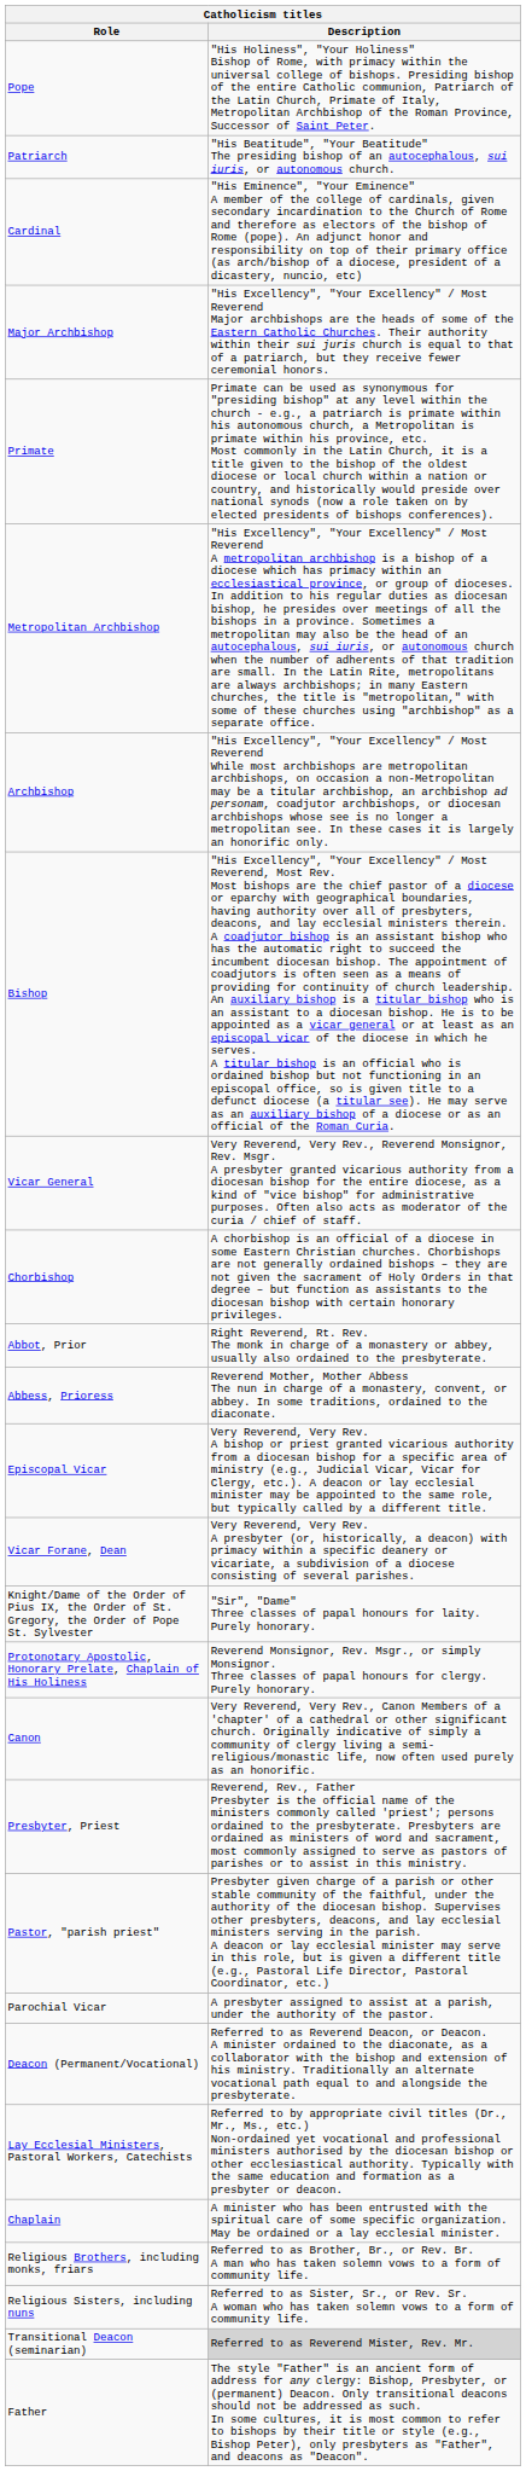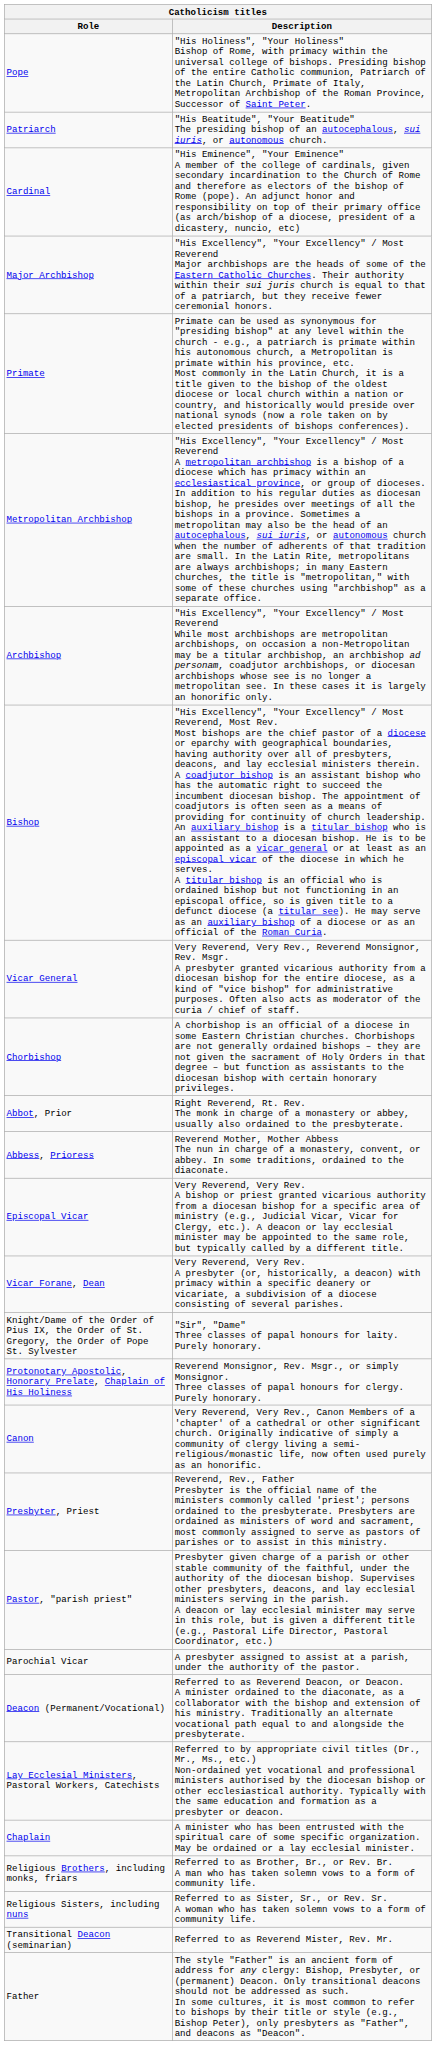 <table class="wikitable">
 <tr>
 <th style="text-align:center;" colspan="6"><strong>Catholicism titles</strong></th>
 </tr>
 <tr>
 <th scope="col" style="width:300px;">Role</th>
 <th scope="col" style="width:600px;">Description</th>
 </tr>
 <tr>
 <td><a href='#'>Pope</a></td>
 <td>"His Holiness", "Your Holiness"<br>Bishop of Rome, with primacy within the universal college of bishops. Presiding bishop of the entire Catholic communion, Patriarch of the Latin Church, Primate of Italy, Metropolitan Archbishop of the Roman Province, Successor of <a href='#'>Saint Peter</a>.</td>
 </tr>
 <tr>
 <td><a href='#'>Patriarch</a></td>
 <td>"His Beatitude", "Your Beatitude"<br>The presiding bishop of an <a href='#'>autocephalous</a>, <em><a href='#'>sui iuris</a></em>, or <a href='#'>autonomous</a> church.</td>
 </tr>
 <tr>
 <td><a href='#'>Cardinal</a></td>
 <td>"His Eminence", "Your Eminence"<br>A member of the college of cardinals, given secondary incardination to the Church of Rome and therefore as electors of the bishop of Rome (pope). An adjunct honor and responsibility on top of their primary office (as arch/bishop of a diocese, president of a dicastery, nuncio, etc)</td>
 </tr>
 <tr>
 <td><a href='#'>Major Archbishop</a></td>
 <td>"His Excellency", "Your Excellency" / Most Reverend<br>Major archbishops are the heads of some of the <a href='#'>Eastern Catholic Churches</a>. Their authority within their <em>sui juris</em> church is equal to that of a patriarch, but they receive fewer ceremonial honors.</td>
 </tr>
 <tr>
 <td><a href='#'>Primate</a></td>
 <td>Primate can be used as synonymous for "presiding bishop" at any level within the church - e.g., a patriarch is primate within his autonomous church, a Metropolitan is primate within his province, etc.<br>Most commonly in the Latin Church, it is a title given to the bishop of the oldest diocese or local church within a nation or country, and historically would preside over national synods (now a role taken on by elected presidents of bishops conferences).</td>
 </tr>
 <tr>
 <td><a href='#'>Metropolitan Archbishop</a></td>
 <td>"His Excellency", "Your Excellency" / Most Reverend<br>A <a href='#'>metropolitan archbishop</a> is a bishop of a diocese which has primacy within an <a href='#'>ecclesiastical province</a>, or group of dioceses. In addition to his regular duties as diocesan bishop, he presides over meetings of all the bishops in a province.  Sometimes a metropolitan may also be the head of an <a href='#'>autocephalous</a>, <em><a href='#'>sui iuris</a></em>, or <a href='#'>autonomous</a> church when the number of adherents of that tradition are small. In the Latin Rite, metropolitans are always archbishops; in many Eastern churches, the title is "metropolitan," with some of these churches using "archbishop" as a separate office.</td>
 </tr>
 <tr>
 <td><a href='#'>Archbishop</a></td>
 <td>"His Excellency", "Your Excellency" / Most Reverend<br>While most archbishops are metropolitan archbishops, on occasion a non-Metropolitan may be a titular archbishop, an archbishop <em>ad personam</em>, coadjutor archbishops, or diocesan archbishops whose see is no longer a metropolitan see. In these cases it is largely an honorific only.</td>
 </tr>
 <tr>
 <td><a href='#'>Bishop</a></td>
 <td>"His Excellency", "Your Excellency" / Most Reverend, Most Rev.<br>Most bishops are the chief pastor of a <a href='#'>diocese</a> or eparchy with geographical boundaries, having authority over all of presbyters, deacons, and lay ecclesial ministers therein.  A <a href='#'>coadjutor bishop</a> is an assistant bishop who has the automatic right to succeed the incumbent diocesan bishop. The appointment of coadjutors is often seen as a means of providing for continuity of church leadership.<br>An <a href='#'>auxiliary bishop</a> is a <a href='#'>titular bishop</a> who is an assistant to a diocesan bishop. He is to be appointed as a <a href='#'>vicar general</a> or at least as an <a href='#'>episcopal vicar</a> of the diocese in which he serves.<br>A <a href='#'>titular bishop</a> is an official who is ordained bishop but not functioning in an episcopal office, so is given title to a defunct diocese (a <a href='#'>titular see</a>). He may serve as an <a href='#'>auxiliary bishop</a> of a diocese or as an official of the <a href='#'>Roman Curia</a>.</td>
 </tr>
 <tr>
 <td><a href='#'>Vicar General</a></td>
 <td>Very Reverend, Very Rev., Reverend Monsignor, Rev. Msgr.<br>A presbyter granted vicarious authority from a diocesan bishop for the entire diocese, as a kind of "vice bishop" for administrative purposes. Often also acts as moderator of the curia / chief of staff.</td>
 </tr>
 <tr>
 <td><a href='#'>Chorbishop</a></td>
 <td>A chorbishop is an official of a diocese in some Eastern Christian churches. Chorbishops are not generally ordained bishops – they are not given the sacrament of Holy Orders in that degree – but function as assistants to the diocesan bishop with certain honorary privileges.</td>
 </tr>
 <tr>
 <td><a href='#'>Abbot</a>, Prior</td>
 <td>Right Reverend, Rt. Rev.<br>The monk in charge of a monastery or abbey, usually also ordained to the presbyterate.</td>
 </tr>
 <tr>
 <td><a href='#'>Abbess</a>, <a href='#'>Prioress</a></td>
 <td>Reverend Mother, Mother Abbess<br>The nun in charge of a monastery, convent, or abbey. In some traditions, ordained to the diaconate.</td>
 </tr>
 <tr>
 <td><a href='#'>Episcopal Vicar</a></td>
 <td>Very Reverend, Very Rev.<br>A bishop or priest granted vicarious authority from a diocesan bishop for a specific area of ministry (e.g., Judicial Vicar, Vicar for Clergy, etc.). A deacon or lay ecclesial minister may be appointed to the same role, but typically called by a different title.</td>
 </tr>
 <tr>
 <td><a href='#'>Vicar Forane</a>, <a href='#'>Dean</a></td>
 <td>Very Reverend, Very Rev.<br>A presbyter (or, historically, a deacon) with primacy within a specific deanery or vicariate, a subdivision of a diocese consisting of several parishes.</td>
 </tr>
 <tr>
 <td>Knight/Dame of the Order of Pius IX, the Order of St. Gregory, the Order of Pope St. Sylvester</td>
 <td>"Sir", "Dame"<br>Three classes of papal honours for laity. Purely honorary.</td>
 </tr>
 <tr>
 <td><a href='#'>Protonotary Apostolic</a>, <a href='#'>Honorary Prelate</a>, <a href='#'>Chaplain of His Holiness</a></td>
 <td>Reverend Monsignor, Rev. Msgr., or simply Monsignor.<br>Three classes of papal honours for clergy. Purely honorary.</td>
 </tr>
 <tr>
 <td><a href='#'>Canon</a></td>
 <td>Very Reverend, Very Rev., Canon Members of a 'chapter' of a cathedral or other significant church. Originally indicative of simply a community of clergy living a semi-religious/monastic life, now often used purely as an honorific.</td>
 </tr>
 <tr>
 <td><a href='#'>Presbyter</a>, Priest</td>
 <td>Reverend, Rev., Father<br>Presbyter is the official name of the ministers commonly called 'priest'; persons ordained to the presbyterate. Presbyters are ordained as ministers of word and sacrament, most commonly assigned to serve as pastors of parishes or to assist in this ministry.</td>
 </tr>
 <tr>
 <td><a href='#'>Pastor</a>, "parish priest"</td>
 <td>Presbyter given charge of a parish or other stable community of the faithful, under the authority of the diocesan bishop. Supervises other presbyters, deacons, and lay ecclesial ministers serving in the parish.<br>A deacon or lay ecclesial minister may serve in this role, but is given a different title (e.g., Pastoral Life Director, Pastoral Coordinator, etc.)</td>
 </tr>
 <tr>
 <td>Parochial Vicar</td>
 <td>A presbyter assigned to assist at a parish, under the authority of the pastor.</td>
 </tr>
 <tr>
 <td><a href='#'>Deacon</a> (Permanent/Vocational)</td>
 <td>Referred to as Reverend Deacon, or Deacon.<br>A minister ordained to the diaconate, as a collaborator with the bishop and extension of his ministry. Traditionally an alternate vocational path equal to and alongside the presbyterate.</td>
 </tr>
 <tr>
 <td><a href='#'>Lay Ecclesial Ministers</a>, Pastoral Workers, Catechists</td>
 <td>Referred to by appropriate civil titles (Dr., Mr., Ms., etc.)<br>Non-ordained yet vocational and professional ministers authorised by the diocesan bishop or other ecclesiastical authority. Typically with the same education and formation as a presbyter or deacon.</td>
 </tr>
 <tr>
 <td><a href='#'>Chaplain</a></td>
 <td>A minister who has been entrusted with the spiritual care of some specific organization. May be ordained or a lay ecclesial minister.</td>
 </tr>
 <tr>
 <td>Religious <a href='#'>Brothers</a>, including monks, friars</td>
 <td>Referred to as Brother, Br., or Rev. Br.<br>A man who has taken solemn vows to a form of community life.</td>
 </tr>
 <tr>
 <td>Religious Sisters, including <a href='#'>nuns</a></td>
 <td>Referred to as Sister, Sr., or Rev. Sr.<br>A woman who has taken solemn vows to a form of community life.</td>
 </tr>
 <tr>
 <td>Transitional <a href='#'>Deacon</a> (seminarian)</td>
-<td style="background: lightgrey;">Referred to as Reverend Mister, Rev. Mr.</td>
+<td>Referred to as Reverend Mister, Rev. Mr.</td>
 </tr>
 <tr>
 <td>Father</td>
 <td>The style "Father" is an ancient form of address for <em>any</em> clergy: Bishop, Presbyter, or (permanent) Deacon. Only transitional deacons should not be addressed as such.<br>In some cultures, it is most common to refer to bishops by their title or style (e.g., Bishop Peter), only presbyters as "Father", and deacons as "Deacon".</td>
 </tr>
 </table>
